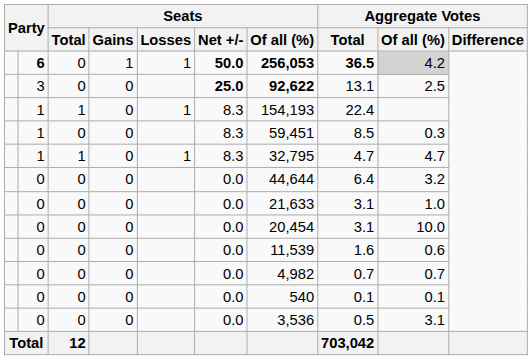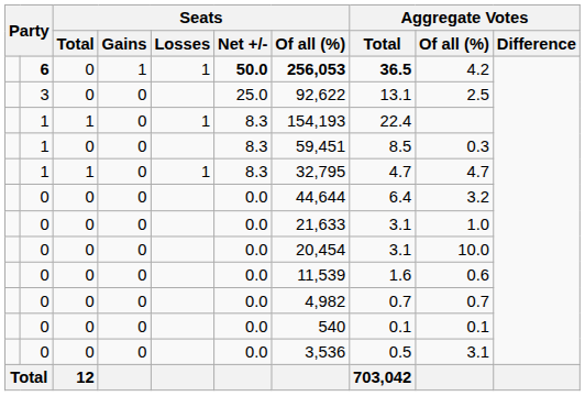 <table class="wikitable sortable" style="text-align:right; font-size:95%;">
 <tr>
 <th colspan="2" rowspan="2">Party</th>
 <th colspan="5">Seats</th>
 <th colspan="3">Aggregate Votes</th>
 </tr>
 <tr>
 <th>Total</th>
 <th>Gains</th>
 <th>Losses</th>
 <th>Net +/-</th>
 <th>Of all (%)</th>
 <th>Total</th>
 <th>Of all (%)</th>
 <th>Difference</th>
 </tr>
 <tr>
 <td></td>
 <td><strong>6</strong></td>
 <td>0</td>
 <td>1</td>
 <td>1</td>
 <td><strong>50.0</strong></td>
 <td><strong>256,053</strong></td>
 <td><strong>36.5</strong></td>
-<td style="background: lightgrey;">4.2</td>
+<td>4.2</td>
 </tr>
 <tr>
 <td></td>
 <td>3</td>
 <td>0</td>
 <td>0</td>
 <td></td>
-<td><strong>25.0</strong></td>
-<td><strong>92,622</strong></td>
+<td>25.0</td>
+<td>92,622</td>
 <td>13.1</td>
 <td>2.5</td>
 </tr>
 <tr>
 <td></td>
 <td>1</td>
 <td>1</td>
 <td>0</td>
 <td>1</td>
 <td>8.3</td>
 <td>154,193</td>
 <td>22.4</td>
 <td></td>
 </tr>
 <tr>
 <td></td>
 <td>1</td>
 <td>0</td>
 <td>0</td>
 <td></td>
 <td>8.3</td>
 <td>59,451</td>
 <td>8.5</td>
 <td>0.3</td>
 </tr>
 <tr>
 <td></td>
 <td>1</td>
 <td>1</td>
 <td>0</td>
 <td>1</td>
 <td>8.3</td>
 <td>32,795</td>
 <td>4.7</td>
 <td>4.7</td>
 </tr>
 <tr>
 <td></td>
 <td>0</td>
 <td>0</td>
 <td>0</td>
 <td></td>
 <td>0.0</td>
 <td>44,644</td>
 <td>6.4</td>
 <td>3.2</td>
 </tr>
 <tr>
 <td></td>
 <td>0</td>
 <td>0</td>
 <td>0</td>
 <td></td>
 <td>0.0</td>
 <td>21,633</td>
 <td>3.1</td>
 <td>1.0</td>
 </tr>
 <tr>
 <td></td>
 <td>0</td>
 <td>0</td>
 <td>0</td>
 <td></td>
 <td>0.0</td>
 <td>20,454</td>
 <td>3.1</td>
 <td>10.0</td>
 </tr>
 <tr>
 <td></td>
 <td>0</td>
 <td>0</td>
 <td>0</td>
 <td></td>
 <td>0.0</td>
 <td>11,539</td>
 <td>1.6</td>
 <td>0.6</td>
 </tr>
 <tr>
 <td></td>
 <td>0</td>
 <td>0</td>
 <td>0</td>
 <td></td>
 <td>0.0</td>
 <td>4,982</td>
 <td>0.7</td>
 <td>0.7</td>
 </tr>
 <tr>
 <td></td>
 <td>0</td>
 <td>0</td>
 <td>0</td>
 <td></td>
 <td>0.0</td>
 <td>540</td>
 <td>0.1</td>
 <td>0.1</td>
 </tr>
 <tr>
 <td></td>
 <td>0</td>
 <td>0</td>
 <td>0</td>
 <td></td>
 <td>0.0</td>
 <td>3,536</td>
 <td>0.5</td>
 <td>3.1</td>
 </tr>
 <tr class="sortbottom">
 <th colspan="2" style="background:#f2f2f2"><strong>Total</strong></th>
 <td style="background:#f2f2f2;"><strong>12</strong></td>
 <td style="background:#f2f2f2;"></td>
 <td style="background:#f2f2f2;"></td>
 <td style="background:#f2f2f2;"></td>
 <td style="background:#f2f2f2;"></td>
 <td style="background:#f2f2f2;"><strong>703,042</strong></td>
 <td style="background:#f2f2f2;"></td>
 <td style="background:#f2f2f2;"></td>
 </tr>
 </table>
